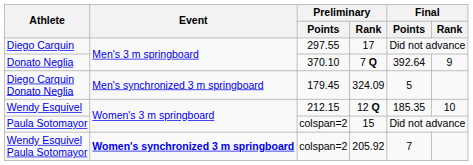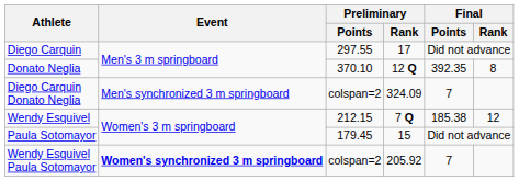 <table class=wikitable style="font-size:90%">
 <tr>
 <th rowspan="2">Athlete</th>
 <th rowspan="2">Event</th>
 <th colspan="2">Preliminary</th>
 <th colspan="2">Final</th>
 </tr>
 <tr>
 <th>Points</th>
 <th>Rank</th>
 <th>Points</th>
 <th>Rank</th>
 </tr>
 <tr align=center>
 <td align=left><a href='#'>Diego Carquin</a></td>
 <td align=left rowspan=2><a href='#'>Men's 3 m springboard</a></td>
 <td>297.55</td>
 <td>17</td>
 <td colspan=2>Did not advance</td>
 </tr>
 <tr align=center>
 <td align=left><a href='#'>Donato Neglia</a></td>
 <td>370.10</td>
-<td>7 <strong>Q</strong></td>
-<td>392.64</td>
-<td>9</td>
+<td>12 <strong>Q</strong></td>
+<td>392.35</td>
+<td>8</td>
 </tr>
 <tr align=center>
 <td align=left><a href='#'>Diego Carquin</a><br><a href='#'>Donato Neglia</a></td>
 <td align=left><a href='#'>Men's synchronized 3 m springboard</a></td>
-<td>179.45</td>
+<td>colspan=2 </td>
 <td>324.09</td>
-<td>5</td>
+<td>7</td>
 </tr>
 <tr align=center>
 <td align=left><a href='#'>Wendy Esquivel</a></td>
 <td align=left rowspan=2><a href='#'>Women's 3 m springboard</a></td>
 <td>212.15</td>
-<td>12 <strong>Q</strong></td>
-<td>185.35</td>
-<td>10</td>
+<td>7 <strong>Q</strong></td>
+<td>185.38</td>
+<td>12</td>
 </tr>
 <tr align=center>
 <td align=left><a href='#'>Paula Sotomayor</a></td>
-<td>colspan=2 </td>
+<td>179.45</td>
 <td>15</td>
 <td colspan=2>Did not advance</td>
 </tr>
 <tr align=center>
 <td align=left><a href='#'>Wendy Esquivel</a><br><a href='#'>Paula Sotomayor</a></td>
 <td align=left><strong><a href='#'>Women's synchronized 3 m springboard</a></strong></td>
 <td>colspan=2 </td>
 <td>205.92</td>
 <td>7</td>
 </tr>
 </table>
